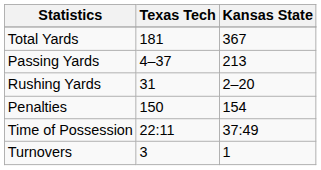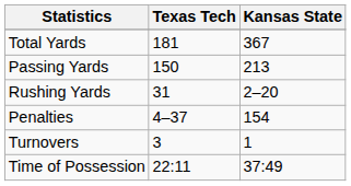 <table class="wikitable">
 <tr>
 <th>Statistics</th>
 <th>Texas Tech</th>
 <th>Kansas State</th>
 </tr>
 <tr>
 </tr>
 <tr>
 <td>Total Yards</td>
 <td>181</td>
 <td>367</td>
 </tr>
 <tr>
 <td>Passing Yards</td>
-<td>4–37</td>
+<td>150</td>
 <td>213</td>
 </tr>
 <tr>
 <td>Rushing Yards</td>
 <td>31</td>
 <td>2–20</td>
 </tr>
 <tr>
 <td>Penalties</td>
-<td>150</td>
+<td>4–37</td>
 <td>154</td>
+</tr>
+<tr>
+<td>Turnovers</td>
+<td>3</td>
+<td>1</td>
 </tr>
 <tr>
 <td>Time of Possession</td>
 <td>22:11</td>
 <td>37:49</td>
 </tr>
-<tr>
-<td>Turnovers</td>
-<td>3</td>
-<td>1</td>
-</tr>
 </table>
